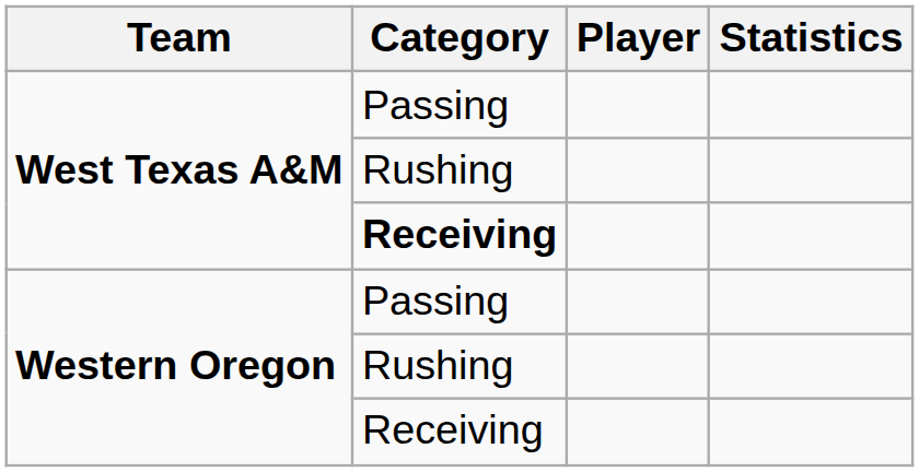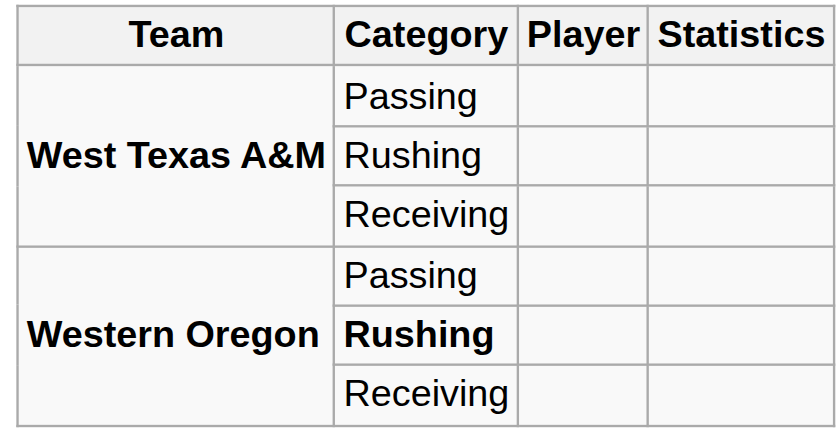 <table class="wikitable" style="float: right;">
 <tr>
 <th>Team</th>
 <th>Category</th>
 <th>Player</th>
 <th>Statistics</th>
 </tr>
 <tr>
 <td rowspan=3><strong>West Texas A&M</strong></td>
 <td>Passing</td>
 <td></td>
 <td></td>
 </tr>
 <tr>
 <td>Rushing</td>
 <td></td>
 <td></td>
 </tr>
 <tr>
-<td><strong>Receiving</strong></td>
+<td>Receiving</td>
 <td></td>
 <td></td>
 </tr>
 <tr>
 <td rowspan=3><strong>Western Oregon</strong></td>
 <td>Passing</td>
 <td></td>
 <td></td>
 </tr>
 <tr>
-<td>Rushing</td>
+<td><strong>Rushing</strong></td>
 <td></td>
 <td></td>
 </tr>
 <tr>
 <td>Receiving</td>
 <td></td>
 <td></td>
 </tr>
 </table>
